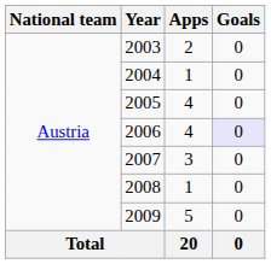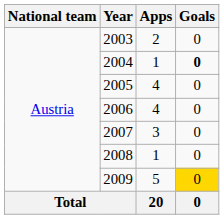 <table class="wikitable" style="text-align:center">
 <tr>
 <th>National team</th>
 <th>Year</th>
 <th>Apps</th>
 <th>Goals</th>
 </tr>
 <tr>
 <td rowspan="7"><a href='#'>Austria</a></td>
 <td>2003</td>
 <td>2</td>
 <td>0</td>
 </tr>
 <tr>
 <td>2004</td>
 <td>1</td>
-<td>0</td>
+<td><strong>0</strong></td>
 </tr>
 <tr>
 <td>2005</td>
 <td>4</td>
 <td>0</td>
 </tr>
 <tr>
 <td>2006</td>
 <td>4</td>
-<td style="background: lavender;">0</td>
+<td>0</td>
 </tr>
 <tr>
 <td>2007</td>
 <td>3</td>
 <td>0</td>
 </tr>
 <tr>
 <td>2008</td>
 <td>1</td>
 <td>0</td>
 </tr>
 <tr>
 <td>2009</td>
 <td>5</td>
-<td>0</td>
+<td style="background: gold;">0</td>
 </tr>
 <tr>
 <th colspan="2">Total</th>
 <th>20</th>
 <th>0</th>
 </tr>
 </table>
